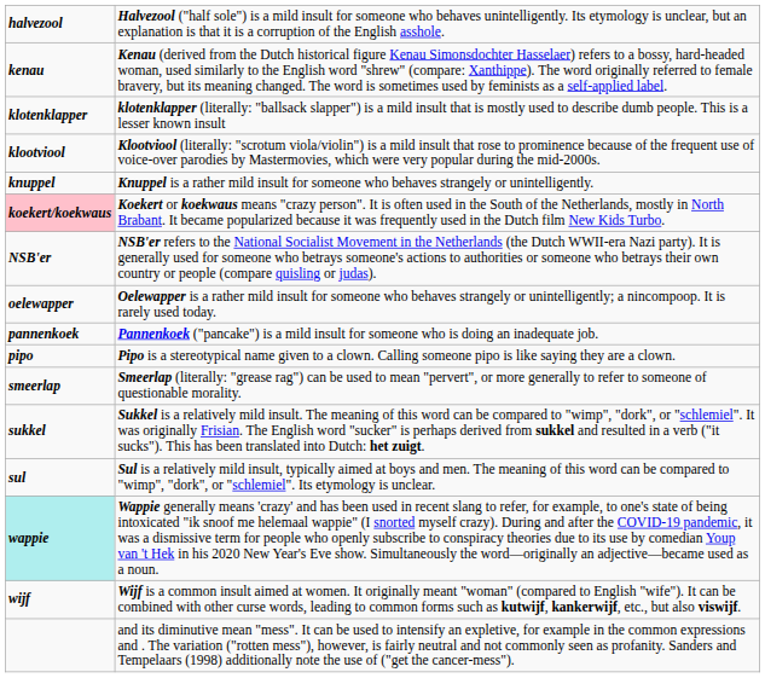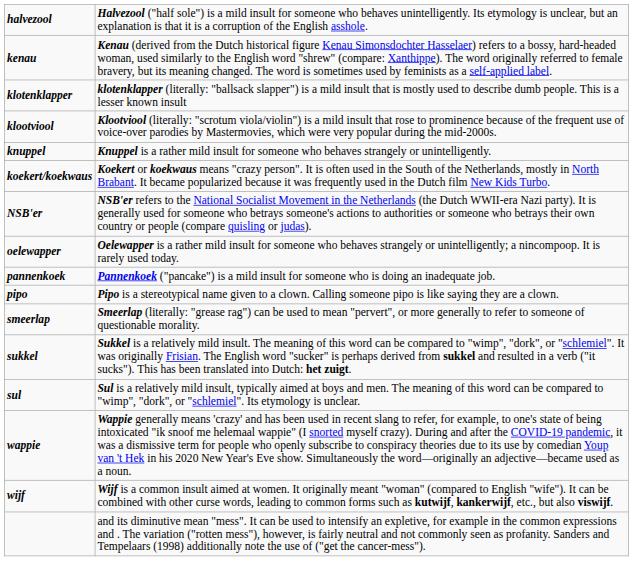 <table class="wikitable">
 <tr>
 <td><strong><em>halvezool</em></strong></td>
 <td><strong><em>Halvezool</em></strong> ("half sole") is a mild insult for someone who behaves unintelligently. Its etymology is unclear, but an explanation is that it is a corruption of the English <a href='#'>asshole</a>.</td>
 </tr>
 <tr>
 <td><strong><em>kenau</em></strong></td>
 <td><strong><em>Kenau</em></strong> (derived from the Dutch historical figure <a href='#'>Kenau Simonsdochter Hasselaer</a>) refers to a bossy, hard-headed woman, used similarly to the English word "shrew" (compare: <a href='#'>Xanthippe</a>). The word originally referred to female bravery, but its meaning changed. The word is sometimes used by feminists as a <a href='#'>self-applied label</a>.</td>
 </tr>
 <tr>
 <td><strong><em>klotenklapper</em></strong></td>
 <td><strong><em>klotenklapper</em></strong> (literally: "ballsack slapper") is a mild insult that is mostly used to describe dumb people. This is a lesser known insult </td>
 </tr>
 <tr>
 <td><strong><em>klootviool</em></strong></td>
 <td><strong><em>Klootviool</em></strong> (literally: "scrotum viola/violin") is a mild insult that rose to prominence because of the frequent use of voice-over parodies by Mastermovies, which were very popular during the mid-2000s.</td>
 </tr>
 <tr>
 <td><strong><em>knuppel</em></strong></td>
 <td><strong><em>Knuppel</em></strong> is a rather mild insult for someone who behaves strangely or unintelligently.</td>
 </tr>
 <tr>
-<td style="background: pink;"><strong><em>koekert/koekwaus</em></strong></td>
+<td><strong><em>koekert/koekwaus</em></strong></td>
 <td><strong><em>Koekert</em></strong> or <strong><em>koekwaus</em></strong> means "crazy person". It is often used in the South of the Netherlands, mostly in <a href='#'>North Brabant</a>. It became popularized because it was frequently used in the Dutch film <a href='#'>New Kids Turbo</a>.</td>
 </tr>
 <tr>
 <td><strong><em>NSB'er</em></strong></td>
 <td><strong><em>NSB'er</em></strong> refers to the <a href='#'>National Socialist Movement in the Netherlands</a> (the Dutch WWII-era Nazi party). It is generally used for someone who betrays someone's actions to authorities or someone who betrays their own country or people (compare <a href='#'>quisling</a> or <a href='#'>judas</a>).</td>
 </tr>
 <tr>
 <td><strong><em>oelewapper</em></strong></td>
 <td><strong><em>Oelewapper</em></strong> is a rather mild insult for someone who behaves strangely or unintelligently; a nincompoop. It is rarely used today.</td>
 </tr>
 <tr>
 <td><strong><em>pannenkoek</em></strong></td>
 <td><strong><em><a href='#'>Pannenkoek</a></em></strong> ("pancake") is a mild insult for someone who is doing an inadequate job.</td>
 </tr>
 <tr>
 <td><strong><em>pipo</em></strong></td>
 <td><strong><em>Pipo</em></strong> is a stereotypical name given to a clown. Calling someone pipo is like saying they are a clown.</td>
 </tr>
 <tr>
 <td><strong><em>smeerlap</em></strong></td>
 <td><strong><em>Smeerlap</em></strong> (literally: "grease rag") can be used to mean "pervert", or more generally to refer to someone of questionable morality.</td>
 </tr>
 <tr>
 <td><strong><em>sukkel</em></strong></td>
 <td><strong><em>Sukkel</em></strong> is a relatively mild insult. The meaning of this word can be compared to "wimp", "dork", or "<a href='#'>schlemiel</a>". It was originally <a href='#'>Frisian</a>. The English word "sucker" is perhaps derived from <strong>sukkel</strong> and resulted in a verb ("it sucks"). This has been translated into Dutch: <strong>het zuigt</strong>.</td>
 </tr>
 <tr>
 <td><strong><em>sul</em></strong></td>
 <td><strong><em>Sul</em></strong> is a relatively mild insult, typically aimed at boys and men. The meaning of this word can be compared to "wimp", "dork", or "<a href='#'>schlemiel</a>". Its etymology is unclear.</td>
 </tr>
 <tr>
-<td style="background: paleturquoise;"><strong><em>wappie</em></strong></td>
+<td><strong><em>wappie</em></strong></td>
 <td><strong><em>Wappie</em></strong> generally means 'crazy' and has been used in recent slang to refer, for example, to one's state of being intoxicated "ik snoof me helemaal wappie" (I <a href='#'>snorted</a> myself crazy). During and after the <a href='#'>COVID-19 pandemic</a>, it was a dismissive term for people who openly subscribe to conspiracy theories due to its use by comedian <a href='#'>Youp van 't Hek</a> in his 2020 New Year's Eve show. Simultaneously the word—originally an adjective—became used as a noun.</td>
 </tr>
 <tr>
 <td><strong><em>wijf</em></strong></td>
 <td><strong><em>Wijf</em></strong> is a common insult aimed at women. It originally meant "woman" (compared to English "wife"). It can be combined with other curse words, leading to common forms such as <strong>kutwijf</strong>, <strong>kankerwijf</strong>, etc., but also <strong>viswijf</strong>.</td>
 </tr>
 <tr>
 <td><strong><em></em></strong></td>
 <td><strong></strong> and its diminutive <strong><em></em></strong> mean "mess". It can be used to intensify an expletive, for example in the common expressions <strong></strong> and <strong></strong>. The variation <strong></strong> ("rotten mess"), however, is fairly neutral and not commonly seen as profanity. Sanders and Tempelaars (1998) additionally note the use of <strong></strong> ("get the cancer-mess").</td>
 </tr>
 </table>
